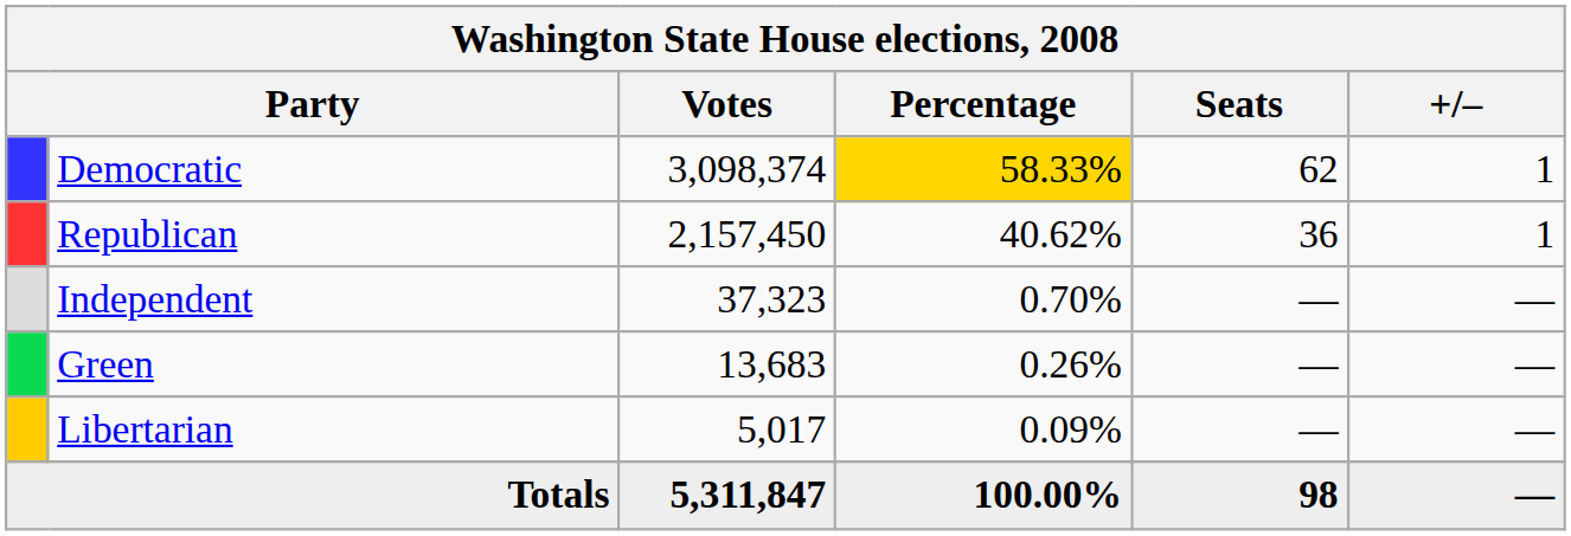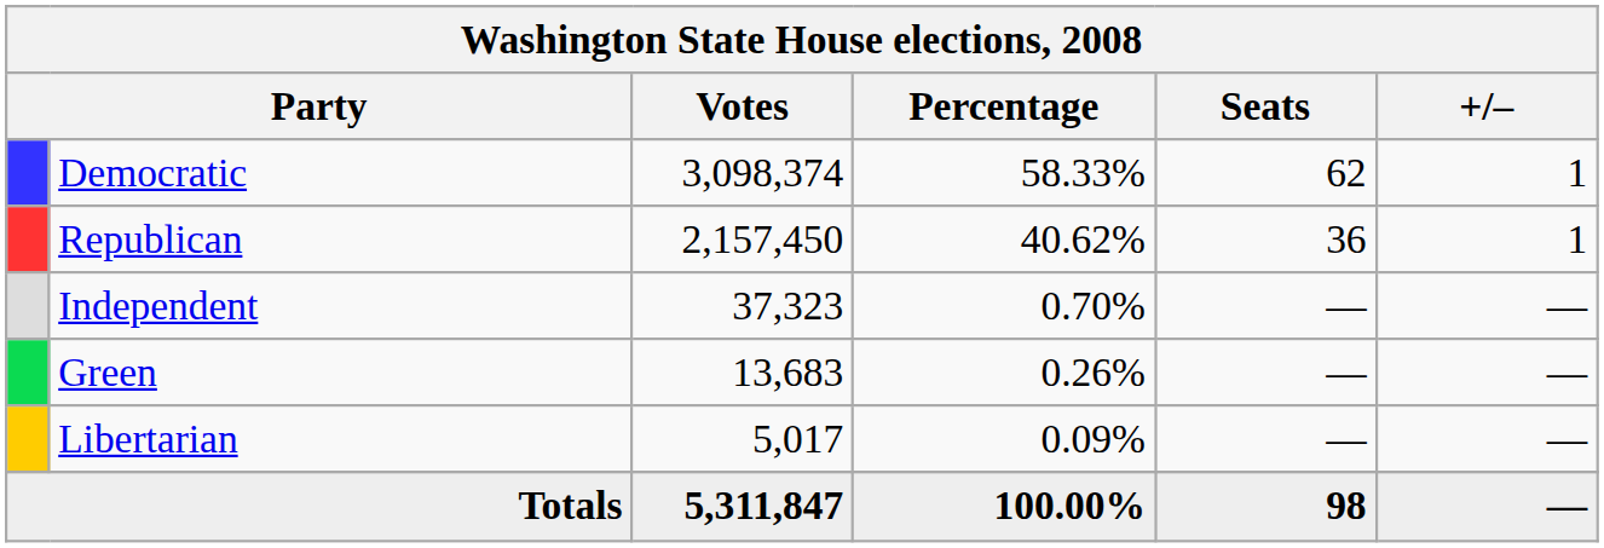 <table class="wikitable" style="font-size: 95%;">
 <tr style="background-color:#E9E9E9">
 <th colspan="6">Washington State House elections, 2008</th>
 </tr>
 <tr style="background-color:#EEEEEE;text-align:center;">
 <th colspan=2 style="width: 15em">Party</th>
 <th style="width: 5em">Votes</th>
 <th style="width: 7em">Percentage</th>
 <th style="width: 5em">Seats</th>
 <th style="width: 5em">+/–</th>
 </tr>
 <tr>
 <th style="background-color:#3333FF; width: 3px"></th>
 <td style="width: 130px"><a href='#'>Democratic</a></td>
 <td style="text-align:right;">3,098,374</td>
-<td style="background: gold; text-align:right;">58.33%</td>
+<td style="text-align:right;">58.33%</td>
 <td style="text-align:right;">62</td>
 <td style="text-align:right;"> 1</td>
 </tr>
 <tr>
 <th style="background-color:#FF3333; width: 3px"></th>
 <td style="width: 130px"><a href='#'>Republican</a></td>
 <td style="text-align:right;">2,157,450</td>
 <td style="text-align:right;">40.62%</td>
 <td style="text-align:right;">36</td>
 <td style="text-align:right;"> 1</td>
 </tr>
 <tr>
 <th style="background-color:#DDDDDD; width: 3px"></th>
 <td style="width: 130px"><a href='#'>Independent</a></td>
 <td style="text-align:right;">37,323</td>
 <td style="text-align:right;">0.70%</td>
 <td style="text-align:right;">—</td>
 <td style="text-align:right;">—</td>
 </tr>
 <tr>
 <th style="background-color:#0BDA51; width: 3px"></th>
 <td style="width: 130px"><a href='#'>Green</a></td>
 <td style="text-align:right;">13,683</td>
 <td style="text-align:right;">0.26%</td>
 <td style="text-align:right;">—</td>
 <td style="text-align:right;">—</td>
 </tr>
 <tr>
 <th style="background-color:#FC0; width: 3px"></th>
 <td style="width: 130px"><a href='#'>Libertarian</a></td>
 <td style="text-align:right;">5,017</td>
 <td style="text-align:right;">0.09%</td>
 <td style="text-align:right;">—</td>
 <td style="text-align:right;">—</td>
 </tr>
 <tr>
 </tr>
 <tr style="background-color:#EEEEEE;">
 <td colspan="2" align="right"><strong>Totals</strong></td>
 <td style="text-align:right;"><strong>5,311,847</strong></td>
 <td style="text-align:right;"><strong>100.00%</strong></td>
 <td style="text-align:right;"><strong>98</strong></td>
 <td style="text-align:right;"><strong>—</strong></td>
 </tr>
 </table>
